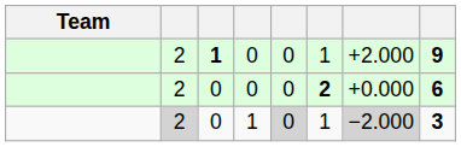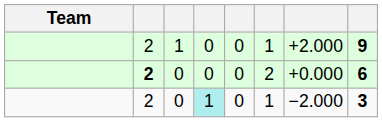 <table class="wikitable" style="text-align:center;">
 <tr>
 <th width="110">Team</th>
 <th width="20"></th>
 <th width="20"></th>
 <th width="20"></th>
 <th width="20"></th>
 <th width="20"></th>
 <th width="50"><a href='#'></a></th>
 <th width="20"></th>
 </tr>
 <tr bgcolor="#ddffdd">
 <td align=left></td>
 <td>2</td>
-<td><strong>1</strong></td>
+<td>1</td>
 <td>0</td>
 <td>0</td>
 <td>1</td>
 <td>+2.000</td>
 <td><strong>9</strong></td>
 </tr>
 <tr bgcolor="#ddffdd">
 <td align=left></td>
-<td>2</td>
+<td><strong>2</strong></td>
 <td>0</td>
 <td>0</td>
 <td>0</td>
-<td><strong>2</strong></td>
+<td>2</td>
 <td>+0.000</td>
 <td><strong>6</strong></td>
 </tr>
 <tr>
 <td align=left></td>
-<td style="background: lightgrey;">2</td>
+<td>2</td>
+<td>0</td>
+<td style="background: paleturquoise;">1</td>
 <td>0</td>
 <td>1</td>
-<td style="background: lightgrey;">0</td>
-<td>1</td>
-<td style="background: lightgrey;">−2.000</td>
+<td>−2.000</td>
 <td><strong>3</strong></td>
 </tr>
 </table>
